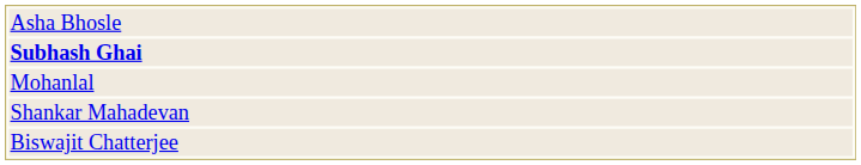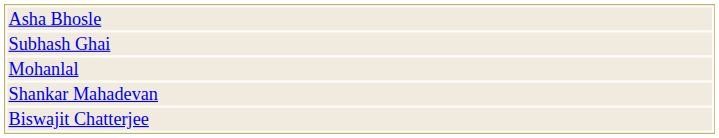 <table style="width:100%;border: 1px solid #BEB168;background-color:#FDFCF6;">
 <tr>
 <td style="background-color:#F0EADF;"> <a href='#'>Asha Bhosle</a></td>
 </tr>
 <tr>
-<td style="background-color:#F0EADF;"><strong> <a href='#'>Subhash Ghai</a></strong></td>
+<td style="background-color:#F0EADF;"> <a href='#'>Subhash Ghai</a></td>
 </tr>
 <tr>
 <td style="background-color:#F0EADF;"> <a href='#'>Mohanlal</a></td>
 </tr>
 <tr>
 <td style="background-color:#F0EADF;"> <a href='#'>Shankar Mahadevan</a></td>
 </tr>
 <tr>
 <td style="background-color:#F0EADF;"> <a href='#'>Biswajit Chatterjee</a></td>
 </tr>
 </table>
